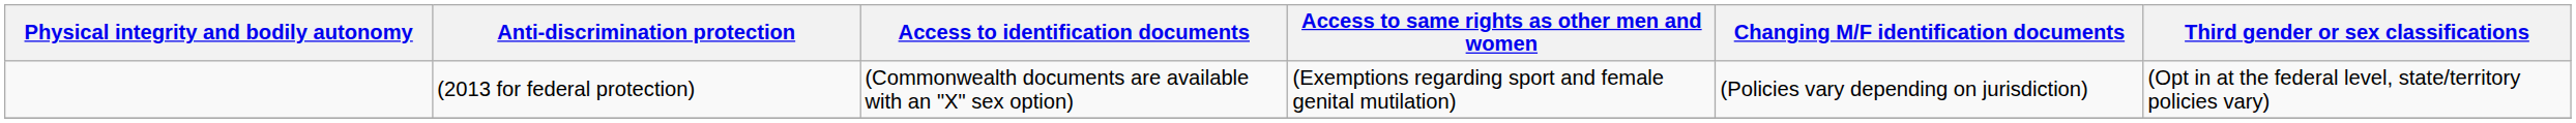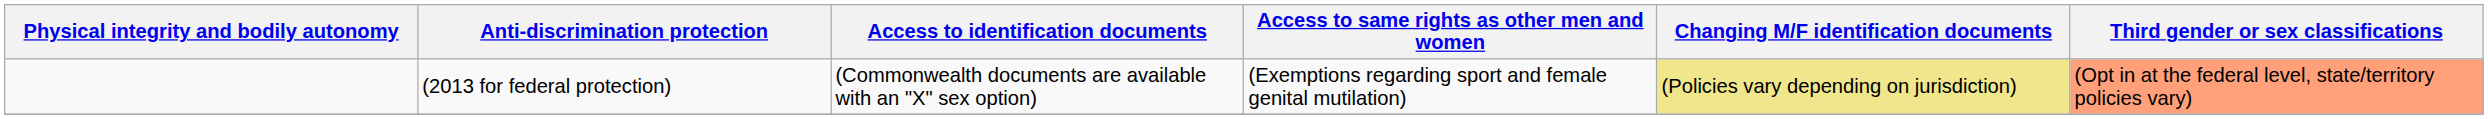 <table class="wikitable">
 <tr>
 <th width="12.5%"><a href='#'>Physical integrity and bodily autonomy</a></th>
 <th width="12.5%"><a href='#'>Anti-discrimination protection</a></th>
 <th width="12.5%"><a href='#'>Access to identification documents</a></th>
 <th width="12.5%"><a href='#'>Access to same rights as other men and women</a></th>
 <th width="12.5%"><a href='#'>Changing M/F identification documents</a></th>
 <th width="12.5%"><a href='#'>Third gender or sex classifications</a></th>
 </tr>
 <tr>
 <td> </td>
 <td>  (2013 for federal protection)</td>
 <td>  (Commonwealth documents are available with an "X" sex option)</td>
 <td>  (Exemptions regarding sport and female genital mutilation)</td>
-<td>  (Policies vary depending on jurisdiction)</td>
-<td>  (Opt in at the federal level, state/territory policies vary)</td>
+<td style="background: khaki;">  (Policies vary depending on jurisdiction)</td>
+<td style="background: lightsalmon;">  (Opt in at the federal level, state/territory policies vary)</td>
 </tr>
 <tr>
 </tr>
 </table>
